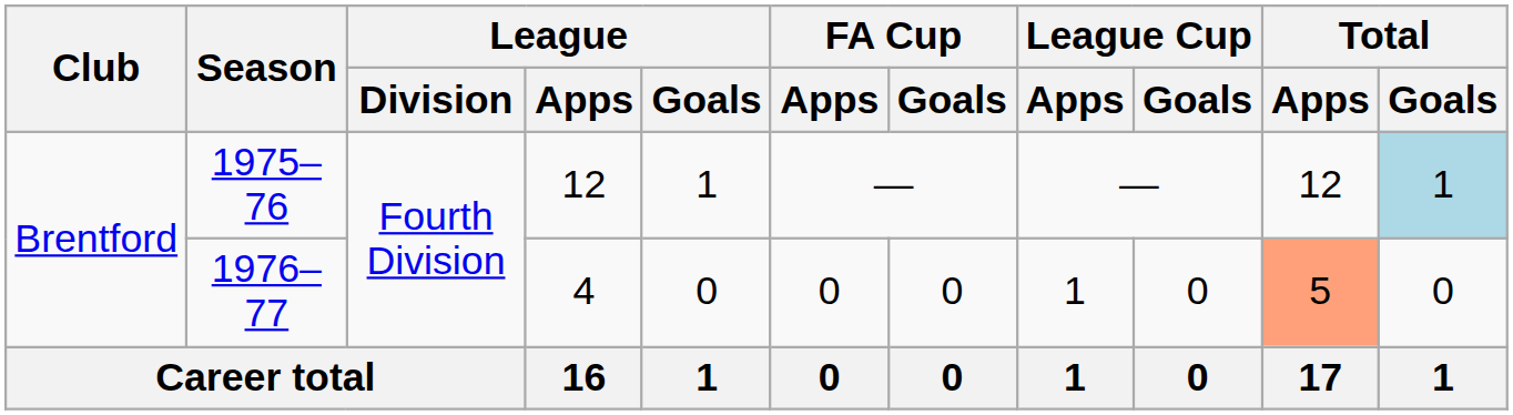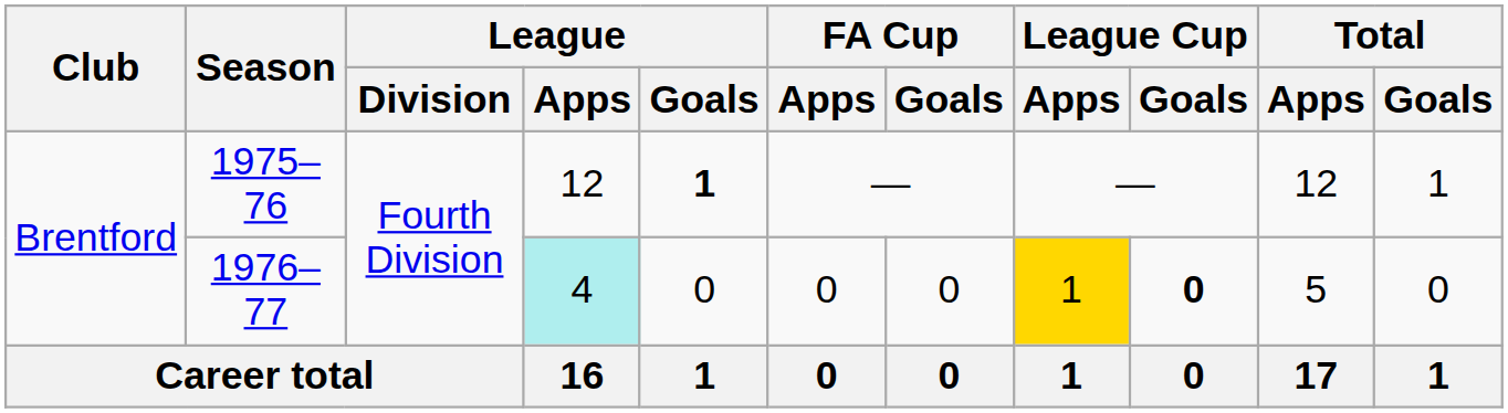 <table class="wikitable" style="text-align: center;">
 <tr>
 <th rowspan="2">Club</th>
 <th rowspan="2">Season</th>
 <th colspan="3">League</th>
 <th colspan="2">FA Cup</th>
 <th colspan="2">League Cup</th>
 <th colspan="2">Total</th>
 </tr>
 <tr>
 <th>Division</th>
 <th>Apps</th>
 <th>Goals</th>
 <th>Apps</th>
 <th>Goals</th>
 <th>Apps</th>
 <th>Goals</th>
 <th>Apps</th>
 <th>Goals</th>
 </tr>
 <tr>
 <td rowspan="2"><a href='#'>Brentford</a></td>
 <td><a href='#'>1975–76</a></td>
 <td rowspan="2"><a href='#'>Fourth Division</a></td>
 <td>12</td>
-<td>1</td>
+<td><strong>1</strong></td>
 <td colspan="2">—</td>
 <td colspan="2">—</td>
 <td>12</td>
-<td style="background: lightblue;">1</td>
+<td>1</td>
 </tr>
 <tr>
 <td><a href='#'>1976–77</a></td>
-<td>4</td>
+<td style="background: paleturquoise;">4</td>
 <td>0</td>
 <td>0</td>
 <td>0</td>
-<td>1</td>
-<td>0</td>
-<td style="background: lightsalmon;">5</td>
+<td style="background: gold;">1</td>
+<td><strong>0</strong></td>
+<td>5</td>
 <td>0</td>
 </tr>
 <tr>
 <th colspan="3">Career total</th>
 <th>16</th>
 <th>1</th>
 <th>0</th>
 <th>0</th>
 <th>1</th>
 <th>0</th>
 <th>17</th>
 <th>1</th>
 </tr>
 </table>
